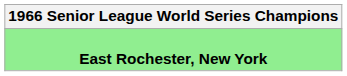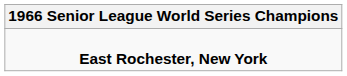 <table class="wikitable" style="text-align: center; margin: 0 auto;">
 <tr>
 <th>1966 Senior League World Series Champions</th>
 </tr>
 <tr>
-<td style="background: lightgreen;"><br><strong>East Rochester, New York</strong></td>
+<td><br><strong>East Rochester, New York</strong></td>
 </tr>
 </table>
